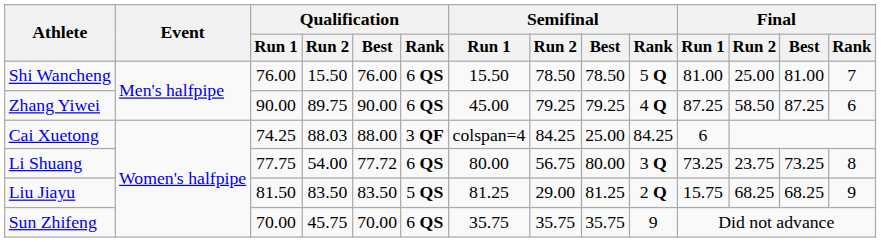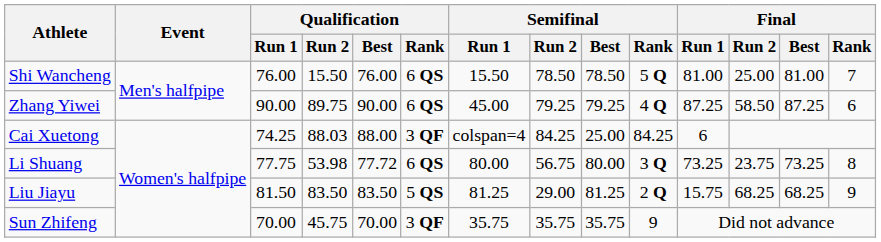 <table class="wikitable" style="font-size:90%">
 <tr>
 <th rowspan="2">Athlete</th>
 <th rowspan="2">Event</th>
 <th colspan="4">Qualification</th>
 <th colspan="4">Semifinal</th>
 <th colspan="4">Final</th>
 </tr>
 <tr style="font-size:95%">
 <th>Run 1</th>
 <th>Run 2</th>
 <th>Best</th>
 <th>Rank</th>
 <th>Run 1</th>
 <th>Run 2</th>
 <th>Best</th>
 <th>Rank</th>
 <th>Run 1</th>
 <th>Run 2</th>
 <th>Best</th>
 <th>Rank</th>
 </tr>
 <tr align=center>
 <td align=left><a href='#'>Shi Wancheng</a></td>
 <td align=left rowspan=2><a href='#'>Men's halfpipe</a></td>
 <td>76.00</td>
 <td>15.50</td>
 <td>76.00</td>
 <td>6 <strong>QS</strong></td>
 <td>15.50</td>
 <td>78.50</td>
 <td>78.50</td>
 <td>5 <strong>Q</strong></td>
 <td>81.00</td>
 <td>25.00</td>
 <td>81.00</td>
 <td>7</td>
 </tr>
 <tr align=center>
 <td align=left><a href='#'>Zhang Yiwei</a></td>
 <td>90.00</td>
 <td>89.75</td>
 <td>90.00</td>
 <td>6 <strong>QS</strong></td>
 <td>45.00</td>
 <td>79.25</td>
 <td>79.25</td>
 <td>4 <strong>Q</strong></td>
 <td>87.25</td>
 <td>58.50</td>
 <td>87.25</td>
 <td>6</td>
 </tr>
 <tr align=center>
 <td align=left><a href='#'>Cai Xuetong</a></td>
 <td align=left rowspan=4><a href='#'>Women's halfpipe</a></td>
 <td>74.25</td>
 <td>88.03</td>
 <td>88.00</td>
 <td>3 <strong>QF</strong></td>
 <td>colspan=4 </td>
 <td>84.25</td>
 <td>25.00</td>
 <td>84.25</td>
 <td>6</td>
 </tr>
 <tr align=center>
 <td align=left><a href='#'>Li Shuang</a></td>
 <td>77.75</td>
-<td>54.00</td>
+<td>53.98</td>
 <td>77.72</td>
 <td>6 <strong>QS</strong></td>
 <td>80.00</td>
 <td>56.75</td>
 <td>80.00</td>
 <td>3 <strong>Q</strong></td>
 <td>73.25</td>
 <td>23.75</td>
 <td>73.25</td>
 <td>8</td>
 </tr>
 <tr align=center>
 <td align=left><a href='#'>Liu Jiayu</a></td>
 <td>81.50</td>
 <td>83.50</td>
 <td>83.50</td>
 <td>5 <strong>QS</strong></td>
 <td>81.25</td>
 <td>29.00</td>
 <td>81.25</td>
 <td>2 <strong>Q</strong></td>
 <td>15.75</td>
 <td>68.25</td>
 <td>68.25</td>
 <td>9</td>
 </tr>
 <tr align=center>
 <td align=left><a href='#'>Sun Zhifeng</a></td>
 <td>70.00</td>
 <td>45.75</td>
 <td>70.00</td>
-<td>6 <strong>QS</strong></td>
+<td>3 <strong>QF</strong></td>
 <td>35.75</td>
 <td>35.75</td>
 <td>35.75</td>
 <td>9</td>
 <td colspan=4>Did not advance</td>
 </tr>
 </table>
